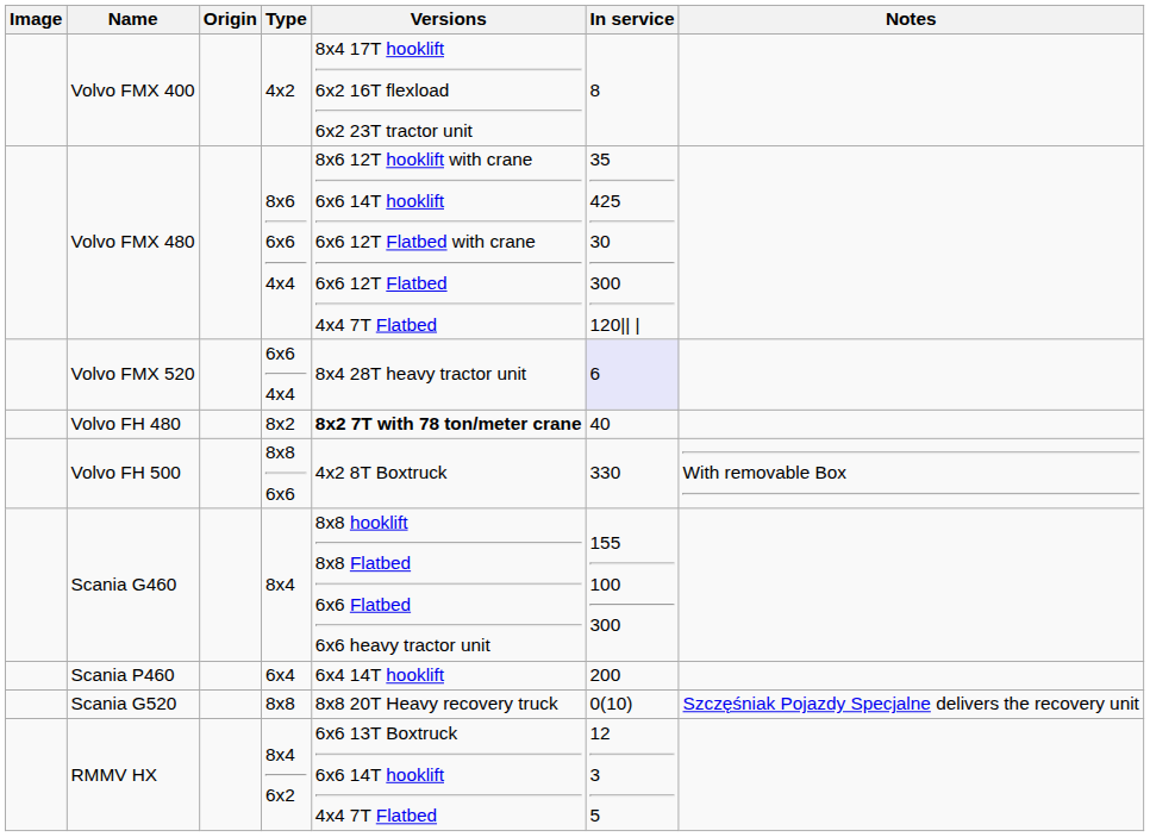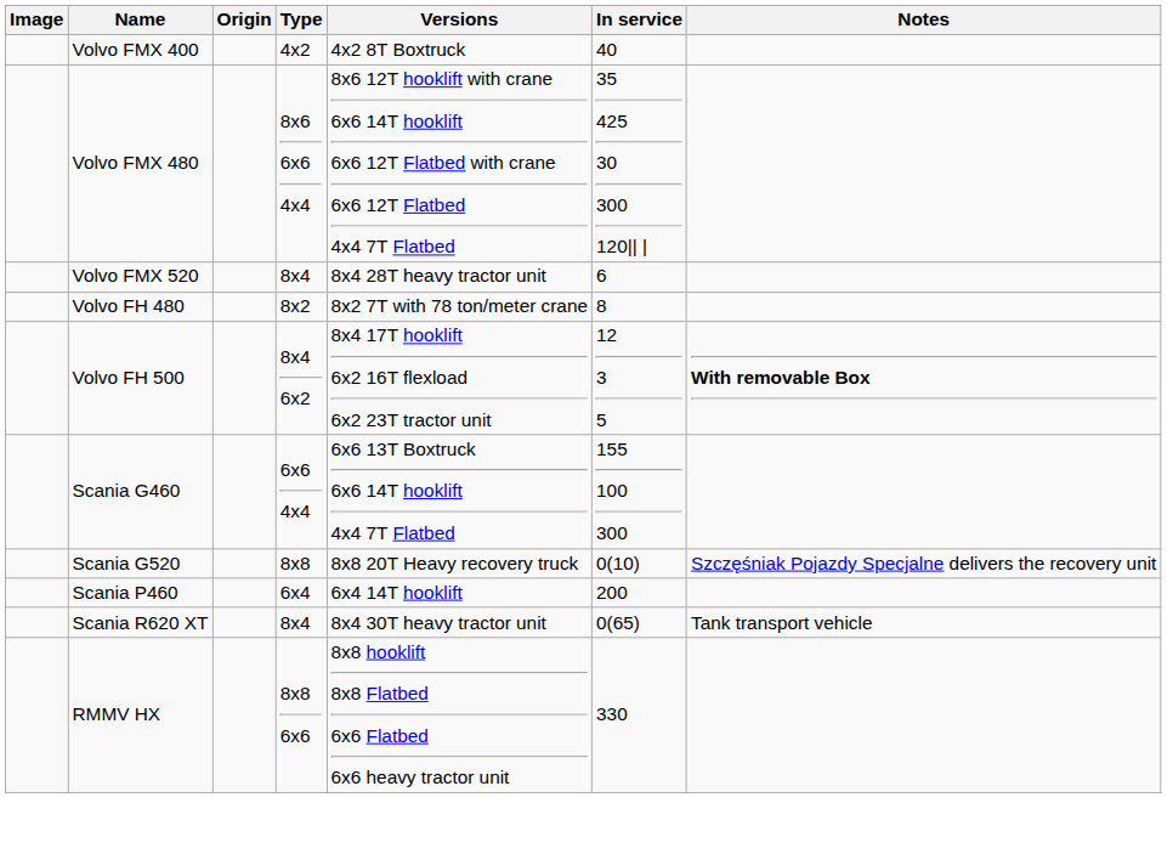 <table class="wikitable">
 <tr>
 <th>Image</th>
 <th>Name</th>
 <th>Origin</th>
 <th>Type</th>
 <th>Versions</th>
 <th>In service</th>
 <th>Notes</th>
 </tr>
 <tr>
 <td></td>
 <td>Volvo FMX 400</td>
 <td></td>
 <td>4x2</td>
-<td>8x4 17T <a href='#'>hooklift</a><hr>6x2 16T flexload<hr>6x2 23T tractor unit</td>
-<td>8</td>
+<td>4x2 8T Boxtruck</td>
+<td>40</td>
 <td></td>
 </tr>
 <tr>
 <td></td>
 <td>Volvo FMX 480</td>
 <td></td>
 <td>8x6<hr>6x6<hr>4x4</td>
 <td>8x6 12T <a href='#'>hooklift</a> with crane<hr>6x6 14T <a href='#'>hooklift</a><hr>6x6 12T <a href='#'>Flatbed</a> with crane<hr>6x6 12T <a href='#'>Flatbed</a> <hr>4x4 7T <a href='#'>Flatbed</a></td>
 <td>35<br><hr>425<hr>30 <hr>300<hr>120|| |</td>
 </tr>
 <tr>
 <td></td>
 <td>Volvo FMX 520</td>
 <td></td>
-<td>6x6<hr>4x4</td>
+<td>8x4</td>
 <td>8x4 28T heavy tractor unit</td>
-<td style="background: lavender;">6</td>
+<td>6</td>
 <td></td>
 </tr>
 <tr>
 <td></td>
 <td>Volvo FH 480</td>
 <td></td>
 <td>8x2</td>
-<td><strong>8x2 7T with 78 ton/meter crane</strong></td>
-<td>40</td>
+<td>8x2 7T with 78 ton/meter crane</td>
+<td>8</td>
 <td></td>
 </tr>
 <tr>
 <td></td>
 <td>Volvo FH 500</td>
 <td></td>
-<td>8x8<hr>6x6</td>
-<td>4x2 8T Boxtruck</td>
-<td>330</td>
-<td><hr>With removable Box<hr></td>
+<td>8x4<hr>6x2</td>
+<td>8x4 17T <a href='#'>hooklift</a><hr>6x2 16T flexload<hr>6x2 23T tractor unit</td>
+<td>12<hr>3<hr>5</td>
+<td><strong><hr>With removable Box<hr></strong></td>
 </tr>
 <tr>
 <td></td>
 <td>Scania G460</td>
 <td></td>
-<td>8x4</td>
-<td>8x8 <a href='#'>hooklift</a><hr>8x8 <a href='#'>Flatbed</a><hr>6x6 <a href='#'>Flatbed</a><hr>6x6 heavy tractor unit</td>
+<td>6x6<hr>4x4</td>
+<td>6x6 13T Boxtruck<hr>6x6 14T <a href='#'>hooklift</a><hr>4x4 7T <a href='#'>Flatbed</a></td>
 <td>155<hr>100<hr>300</td>
-<td></td>
-</tr>
-<tr>
-<td></td>
-<td>Scania P460</td>
-<td></td>
-<td>6x4</td>
-<td>6x4 14T <a href='#'>hooklift</a></td>
-<td>200</td>
 <td></td>
 </tr>
 <tr>
 <td></td>
 <td>Scania G520</td>
 <td><small></small></td>
 <td>8x8</td>
 <td>8x8 20T Heavy recovery truck</td>
 <td>0(10)</td>
 <td><a href='#'>Szczęśniak Pojazdy Specjalne</a> delivers the recovery unit</td>
 </tr>
 <tr>
 <td></td>
+<td>Scania P460</td>
+<td></td>
+<td>6x4</td>
+<td>6x4 14T <a href='#'>hooklift</a></td>
+<td>200</td>
+<td></td>
+</tr>
+<tr>
+<td></td>
+<td>Scania R620 XT</td>
+<td></td>
+<td>8x4</td>
+<td>8x4 30T heavy tractor unit</td>
+<td>0(65)</td>
+<td>Tank transport vehicle </td>
+</tr>
+<tr>
+<td></td>
 <td>RMMV HX</td>
 <td></td>
-<td>8x4<hr>6x2</td>
-<td>6x6 13T Boxtruck<hr>6x6 14T <a href='#'>hooklift</a><hr>4x4 7T <a href='#'>Flatbed</a></td>
-<td>12<hr>3<hr>5</td>
+<td>8x8<hr>6x6</td>
+<td>8x8 <a href='#'>hooklift</a><hr>8x8 <a href='#'>Flatbed</a><hr>6x6 <a href='#'>Flatbed</a><hr>6x6 heavy tractor unit</td>
+<td>330</td>
 <td></td>
 </tr>
 </table>
